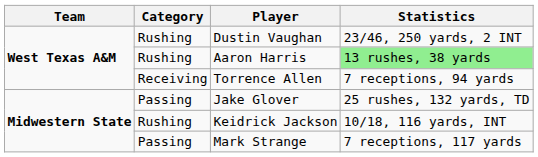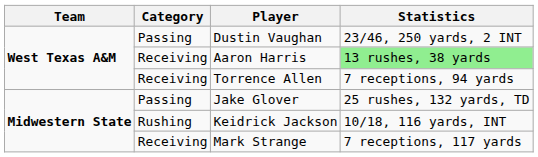 <table class="wikitable" style="float: left;">
 <tr>
 <th>Team</th>
 <th>Category</th>
 <th>Player</th>
 <th>Statistics</th>
 </tr>
 <tr>
 <td rowspan=3><strong>West Texas A&M</strong></td>
-<td>Rushing</td>
+<td>Passing</td>
 <td>Dustin Vaughan</td>
 <td>23/46, 250 yards, 2 INT</td>
 </tr>
 <tr>
-<td>Rushing</td>
+<td>Receiving</td>
 <td>Aaron Harris</td>
 <td style="background: lightgreen;">13 rushes, 38 yards</td>
 </tr>
 <tr>
 <td>Receiving</td>
 <td>Torrence Allen</td>
 <td>7 receptions, 94 yards</td>
 </tr>
 <tr>
 <td rowspan=3><strong>Midwestern State</strong></td>
 <td>Passing</td>
 <td>Jake Glover</td>
 <td>25 rushes, 132 yards, TD</td>
 </tr>
 <tr>
 <td>Rushing</td>
 <td>Keidrick Jackson</td>
 <td>10/18, 116 yards, INT</td>
 </tr>
 <tr>
-<td>Passing</td>
+<td>Receiving</td>
 <td>Mark Strange</td>
 <td>7 receptions, 117 yards</td>
 </tr>
 </table>
